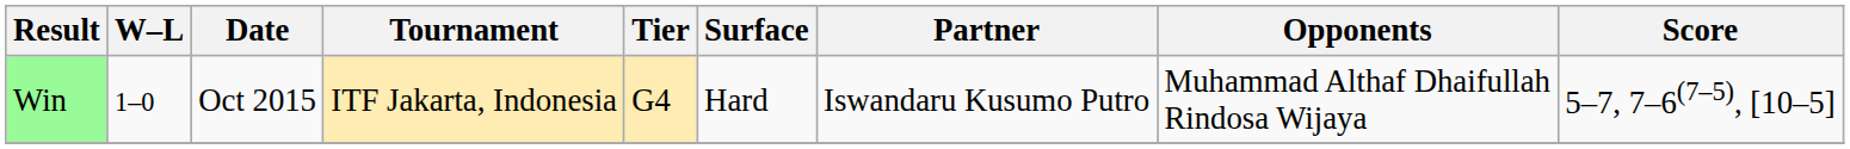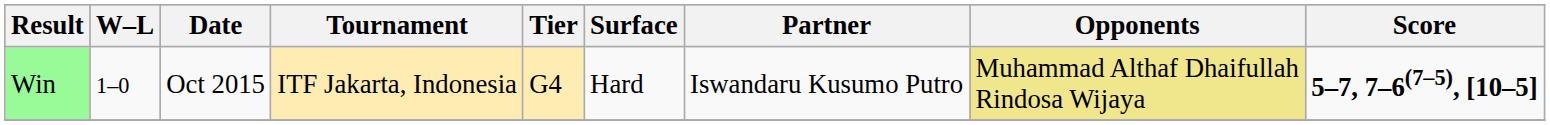 <table class="sortable wikitable">
 <tr>
 <th>Result</th>
 <th class="unsortable">W–L</th>
 <th>Date</th>
 <th>Tournament</th>
 <th>Tier</th>
 <th>Surface</th>
 <th>Partner</th>
 <th>Opponents</th>
 <th class="unsortable">Score</th>
 </tr>
 <tr>
 <td bgcolor=98fb98>Win</td>
 <td><small>1–0</small></td>
 <td>Oct 2015</td>
 <td bgcolor="ffecb2">ITF Jakarta, Indonesia</td>
 <td bgcolor="ffecb2">G4</td>
 <td>Hard</td>
 <td> Iswandaru Kusumo Putro</td>
-<td> Muhammad Althaf Dhaifullah <br>  Rindosa Wijaya</td>
-<td>5–7, 7–6<sup>(7–5)</sup>, [10–5]</td>
+<td style="background: khaki;"> Muhammad Althaf Dhaifullah <br>  Rindosa Wijaya</td>
+<td><strong>5–7, 7–6<sup>(7–5)</sup>, [10–5]</strong></td>
 </tr>
 <tr>
 </tr>
 </table>
